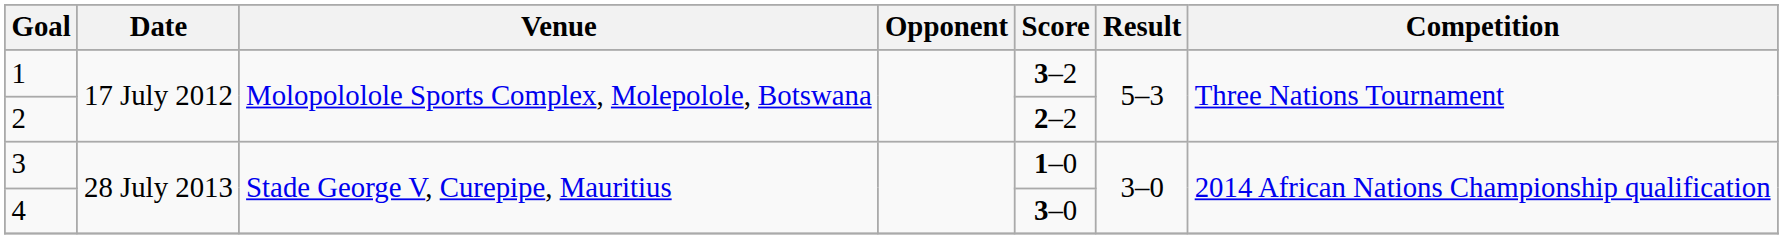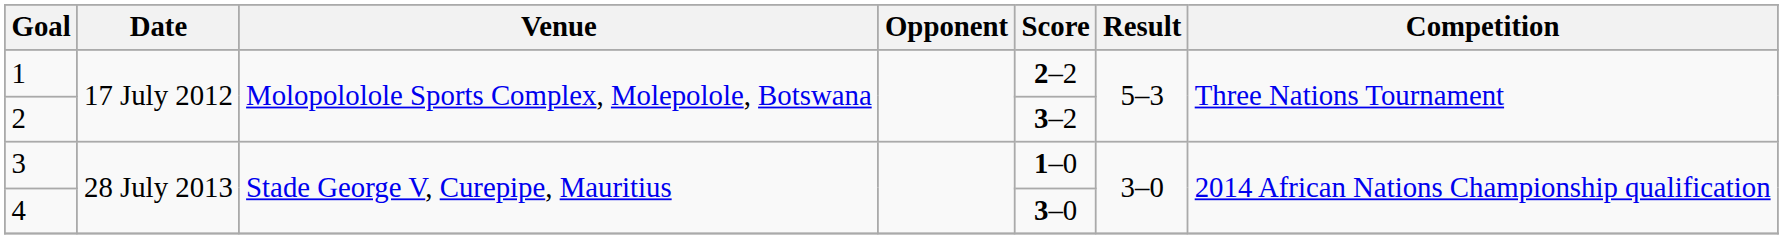 <table class="wikitable plainrowheaders sortable">
 <tr>
 <th>Goal</th>
 <th>Date</th>
 <th>Venue</th>
 <th>Opponent</th>
 <th>Score</th>
 <th>Result</th>
 <th>Competition</th>
 </tr>
 <tr>
 <td>1</td>
 <td rowspan="2">17 July 2012</td>
 <td rowspan="2"><a href='#'>Molopololole Sports Complex</a>, <a href='#'>Molepolole</a>, <a href='#'>Botswana</a></td>
 <td rowspan="2"></td>
-<td align=center><strong>3</strong>–2</td>
+<td align=center><strong>2</strong>–2</td>
 <td rowspan="2" style="text-align:center">5–3</td>
 <td rowspan="2"><a href='#'>Three Nations Tournament</a></td>
 </tr>
 <tr>
 <td>2</td>
-<td align=center><strong>2</strong>–2</td>
+<td align=center><strong>3</strong>–2</td>
 </tr>
 <tr>
 <td>3</td>
 <td rowspan="2">28 July 2013</td>
 <td rowspan="2"><a href='#'>Stade George V</a>, <a href='#'>Curepipe</a>, <a href='#'>Mauritius</a></td>
 <td rowspan="2"></td>
 <td align=center><strong>1</strong>–0</td>
 <td rowspan="2" style="text-align:center">3–0</td>
 <td rowspan="2"><a href='#'>2014 African Nations Championship qualification</a></td>
 </tr>
 <tr>
 <td>4</td>
 <td align=center><strong>3</strong>–0</td>
 </tr>
 <tr>
 </tr>
 </table>
